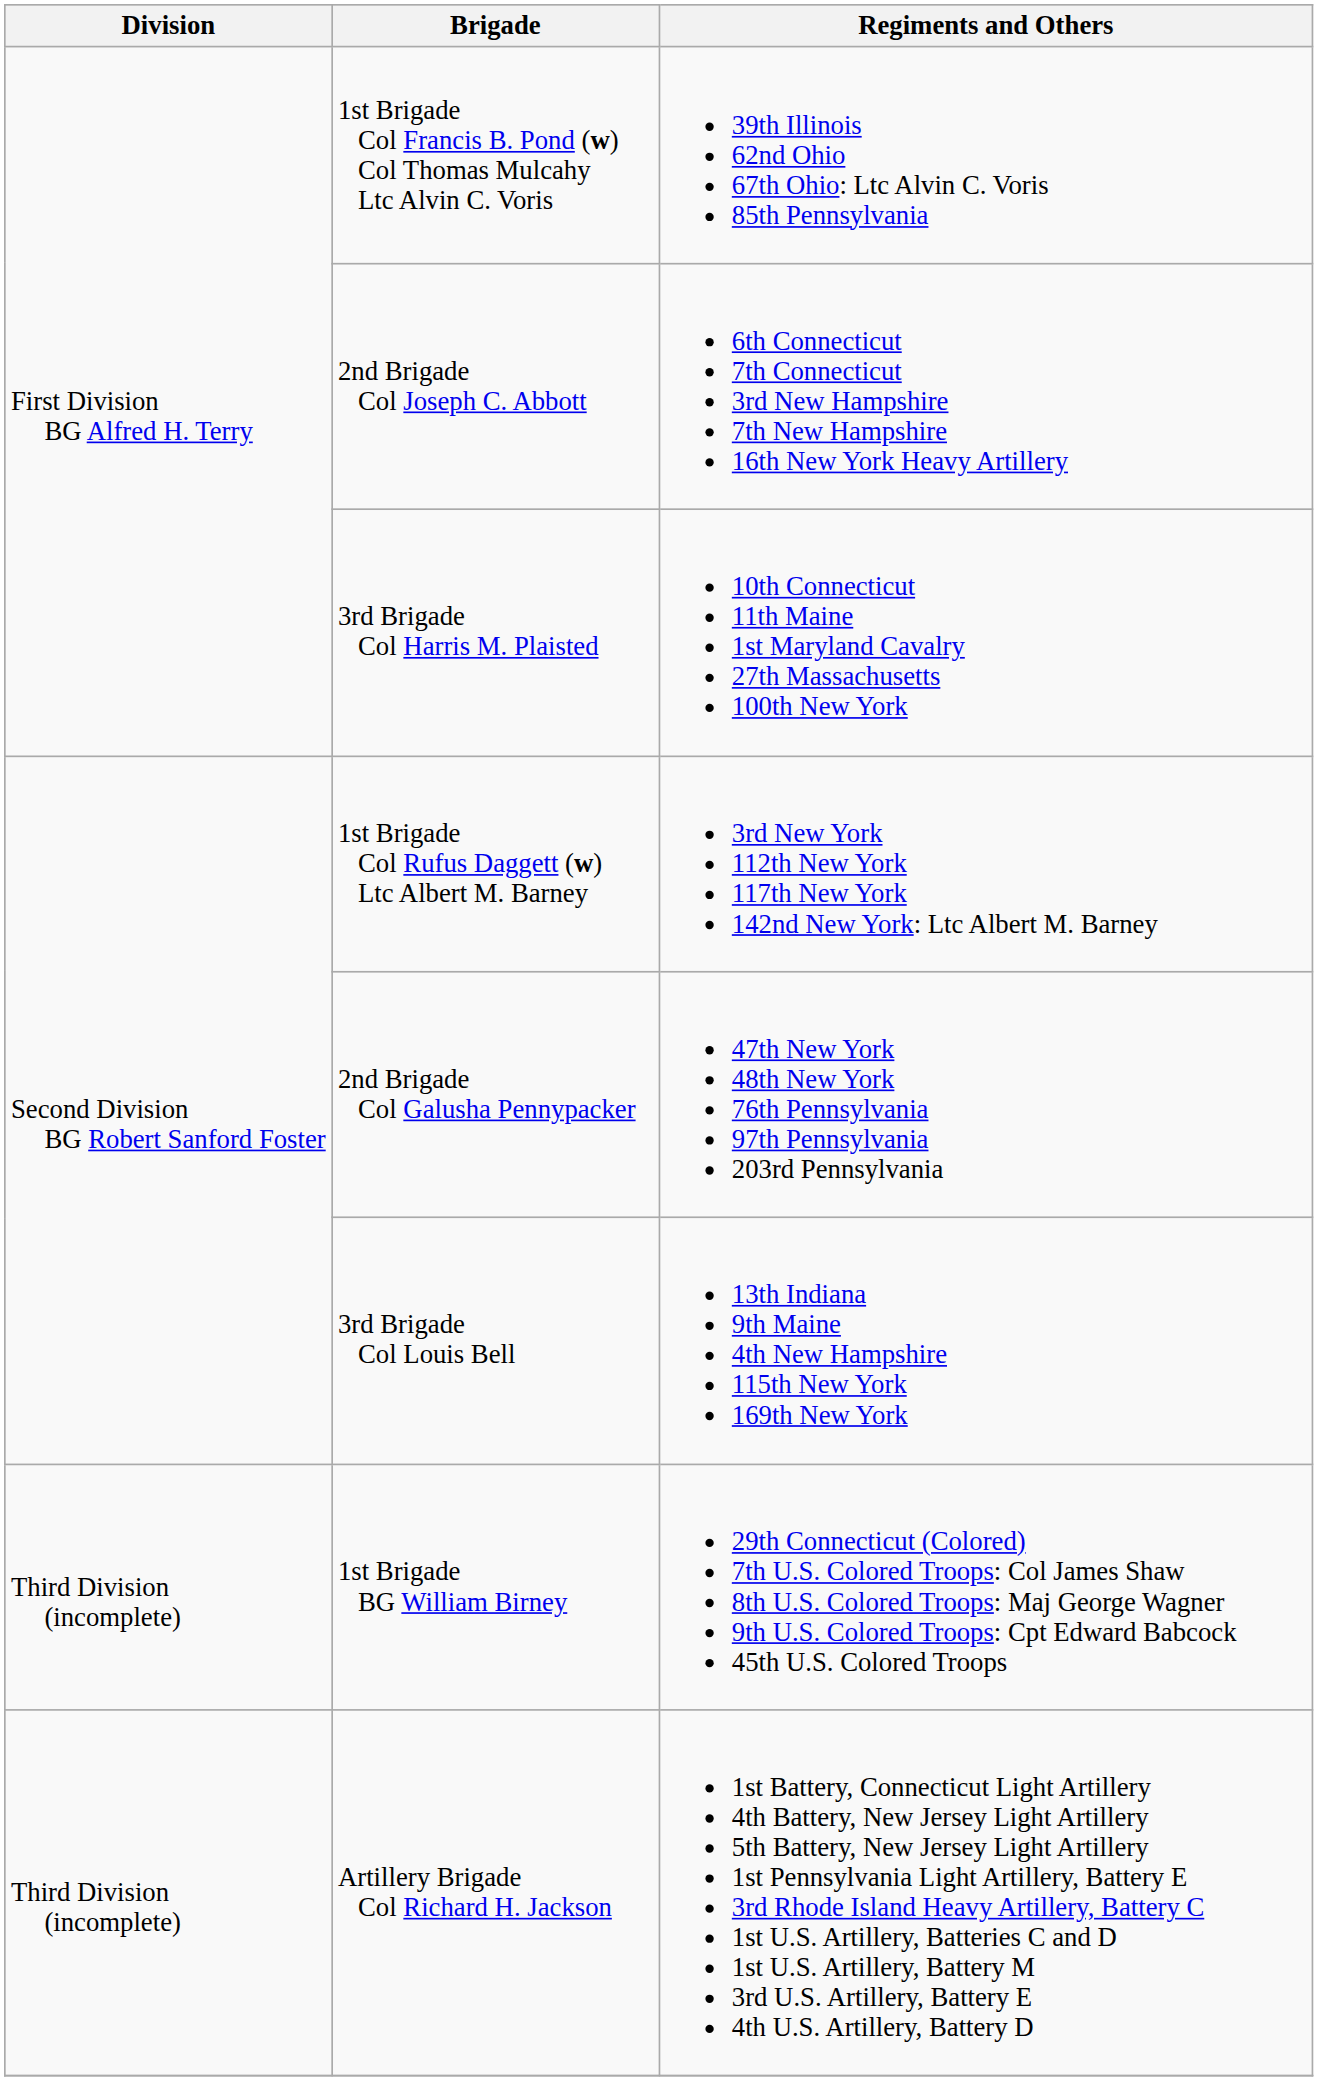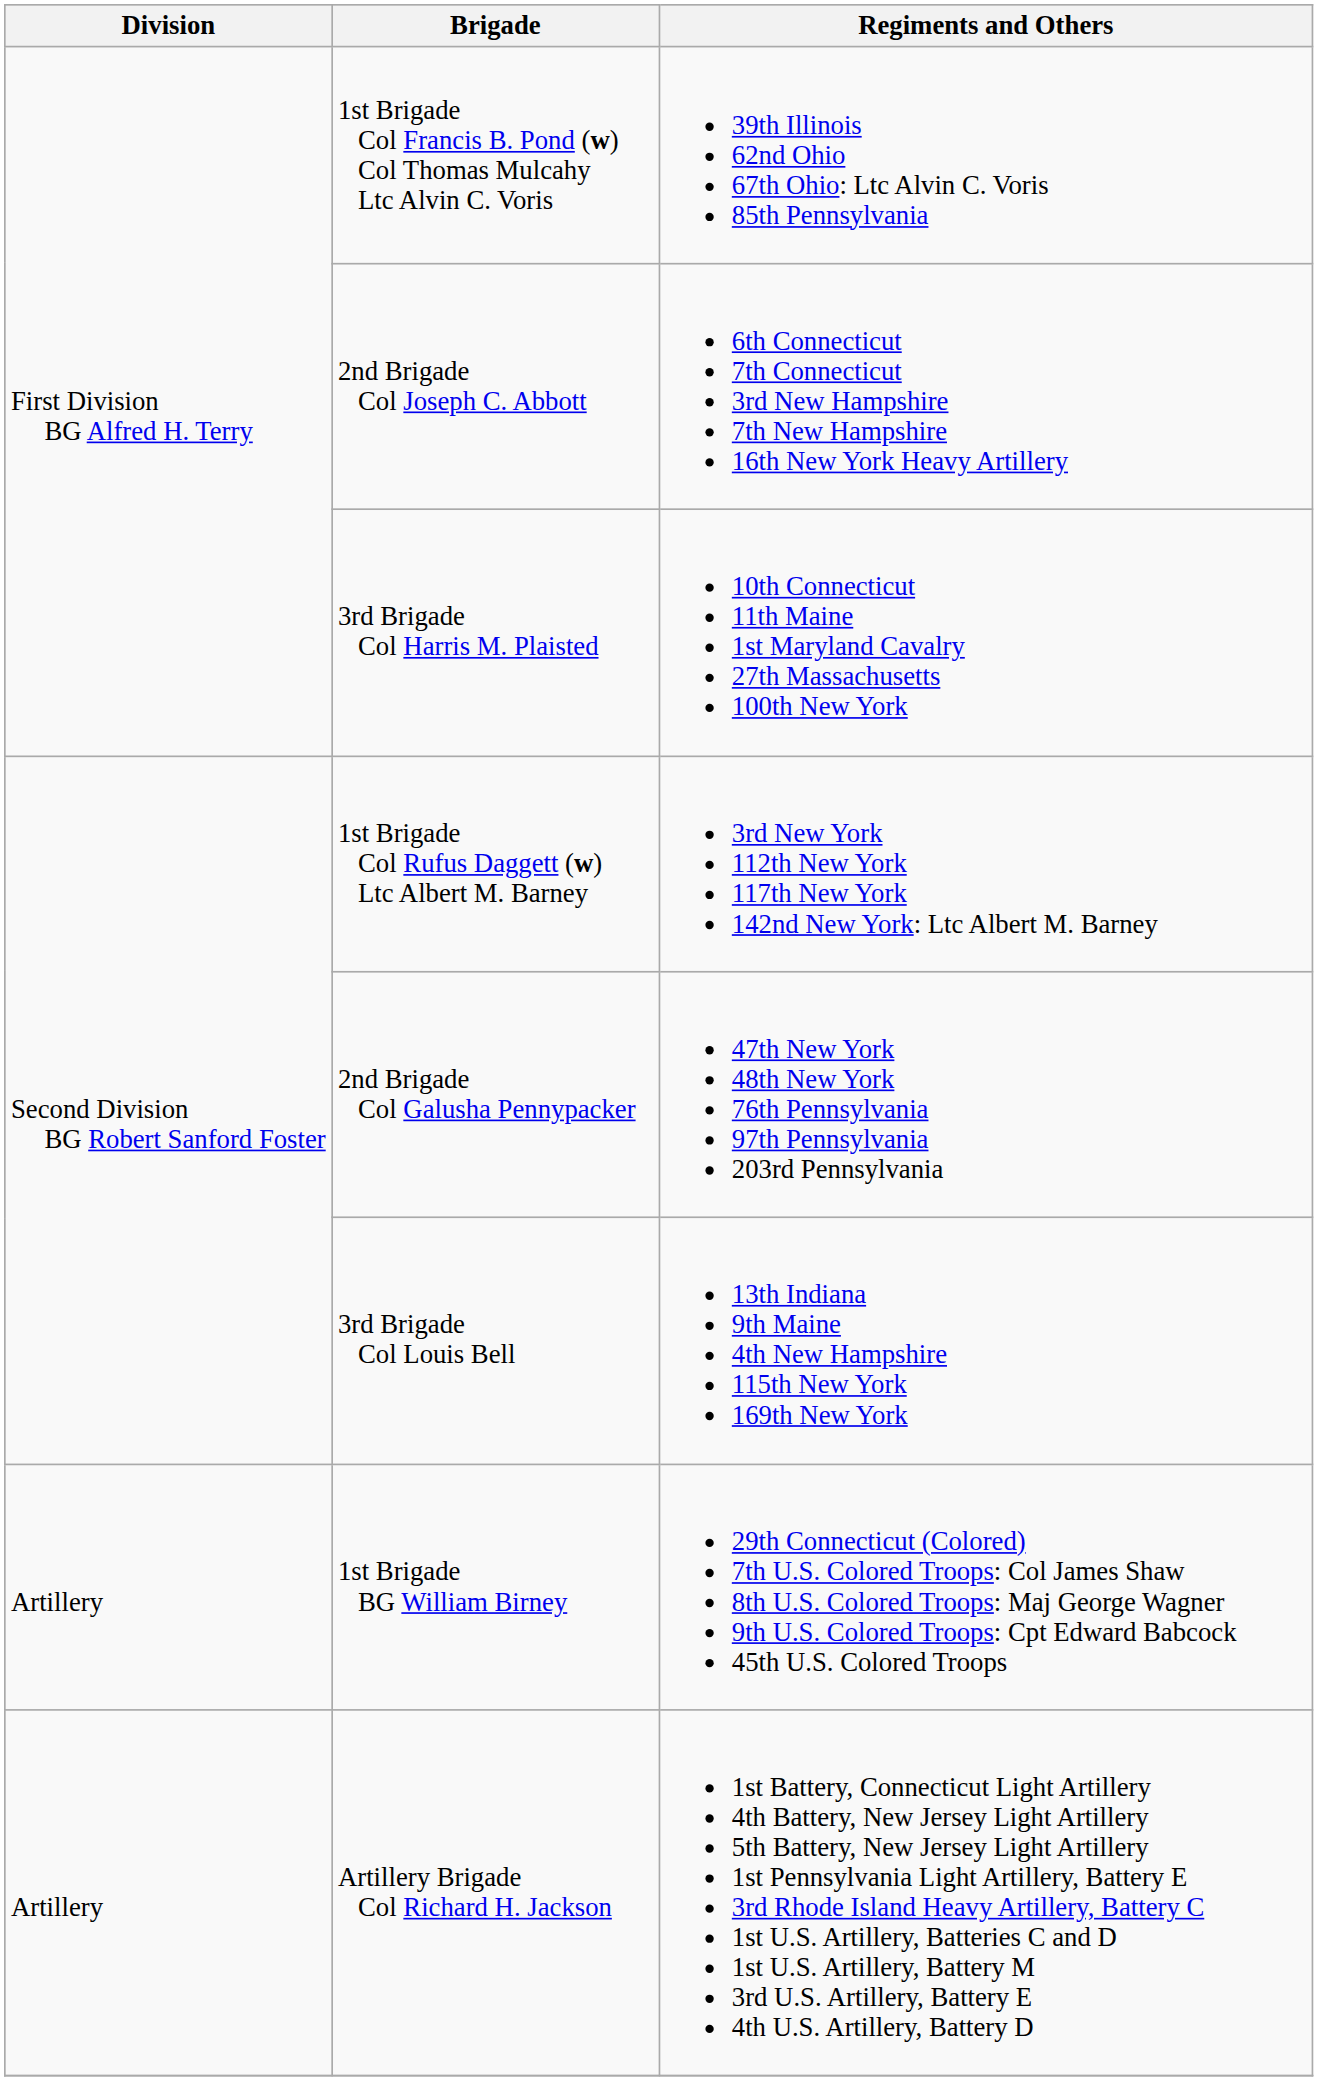 <table class="wikitable">
 <tr>
 <th width=25%>Division</th>
 <th width=25%>Brigade</th>
 <th>Regiments and Others</th>
 </tr>
 <tr>
 <td rowspan=3><br>First Division <br>     BG <a href='#'>Alfred H. Terry</a></td>
 <td>1st Brigade<br>   Col <a href='#'>Francis B. Pond</a> (<strong>w</strong>)<br>   Col Thomas Mulcahy<br>   Ltc Alvin C. Voris</td>
 <td><br><ul><li><a href='#'>39th Illinois</a></li><li><a href='#'>62nd Ohio</a></li><li><a href='#'>67th Ohio</a>: Ltc Alvin C. Voris</li><li><a href='#'>85th Pennsylvania</a></li></ul></td>
 </tr>
 <tr>
 <td>2nd Brigade<br>   Col <a href='#'>Joseph C. Abbott</a></td>
 <td><br><ul><li><a href='#'>6th Connecticut</a></li><li><a href='#'>7th Connecticut</a></li><li><a href='#'>3rd New Hampshire</a></li><li><a href='#'>7th New Hampshire</a></li><li><a href='#'>16th New York Heavy Artillery</a></li></ul></td>
 </tr>
 <tr>
 <td>3rd Brigade<br>   Col <a href='#'>Harris M. Plaisted</a></td>
 <td><br><ul><li><a href='#'>10th Connecticut</a></li><li><a href='#'>11th Maine</a></li><li><a href='#'>1st Maryland Cavalry</a></li><li><a href='#'>27th Massachusetts</a></li><li><a href='#'>100th New York</a></li></ul></td>
 </tr>
 <tr>
 <td rowspan=3><br>Second Division <br>     BG <a href='#'>Robert Sanford Foster</a></td>
 <td>1st Brigade<br>   Col <a href='#'>Rufus Daggett</a> (<strong>w</strong>)<br>   Ltc Albert M. Barney</td>
 <td><br><ul><li><a href='#'>3rd New York</a></li><li><a href='#'>112th New York</a></li><li><a href='#'>117th New York</a></li><li><a href='#'>142nd New York</a>: Ltc Albert M. Barney</li></ul></td>
 </tr>
 <tr>
 <td>2nd Brigade<br>   Col <a href='#'>Galusha Pennypacker</a></td>
 <td><br><ul><li><a href='#'>47th New York</a></li><li><a href='#'>48th New York</a></li><li><a href='#'>76th Pennsylvania</a></li><li><a href='#'>97th Pennsylvania</a></li><li>203rd Pennsylvania</li></ul></td>
 </tr>
 <tr>
 <td>3rd Brigade<br>   Col Louis Bell</td>
 <td><br><ul><li><a href='#'>13th Indiana</a></li><li><a href='#'>9th Maine</a></li><li><a href='#'>4th New Hampshire</a></li><li><a href='#'>115th New York</a></li><li><a href='#'>169th New York</a></li></ul></td>
 </tr>
 <tr>
-<td rowspan=1><br>Third Division <br>     (incomplete)</td>
+<td rowspan=1><br>Artillery</td>
 <td>1st Brigade<br>   BG <a href='#'>William Birney</a></td>
 <td><br><ul><li><a href='#'>29th Connecticut (Colored)</a></li><li><a href='#'>7th U.S. Colored Troops</a>: Col James Shaw</li><li><a href='#'>8th U.S. Colored Troops</a>: Maj George Wagner</li><li><a href='#'>9th U.S. Colored Troops</a>: Cpt Edward Babcock</li><li>45th U.S. Colored Troops</li></ul></td>
 </tr>
 <tr>
-<td rowspan=1><br>Third Division <br>     (incomplete)</td>
+<td rowspan=1><br>Artillery</td>
 <td>Artillery Brigade<br>   Col <a href='#'>Richard H. Jackson</a></td>
 <td><br><ul><li>1st Battery, Connecticut Light Artillery</li><li>4th Battery, New Jersey Light Artillery</li><li>5th Battery, New Jersey Light Artillery</li><li>1st Pennsylvania Light Artillery, Battery E</li><li><a href='#'>3rd Rhode Island Heavy Artillery, Battery C</a></li><li>1st U.S. Artillery, Batteries C and D</li><li>1st U.S. Artillery, Battery M</li><li>3rd U.S. Artillery, Battery E</li><li>4th U.S. Artillery, Battery D</li></ul></td>
 </tr>
 <tr>
 </tr>
 </table>
